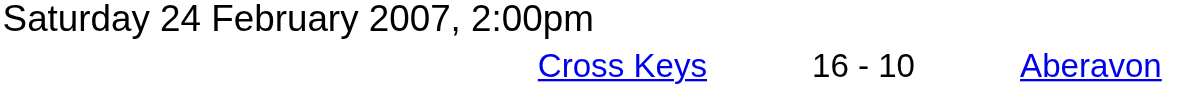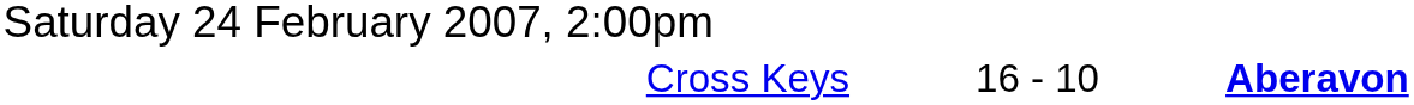 <table style="width:70%;" cellspacing="1">
 <tr>
 <th width=35%></th>
 <th width=15%></th>
 <th></th>
 </tr>
 <tr>
 <td>Saturday 24 February 2007, 2:00pm</td>
 </tr>
 <tr style=font-size:90%>
 <td align=right><a href='#'>Cross Keys</a></td>
 <td align=center>16 - 10</td>
-<td><a href='#'>Aberavon</a></td>
+<td><strong><a href='#'>Aberavon</a></strong></td>
 </tr>
 </table>
